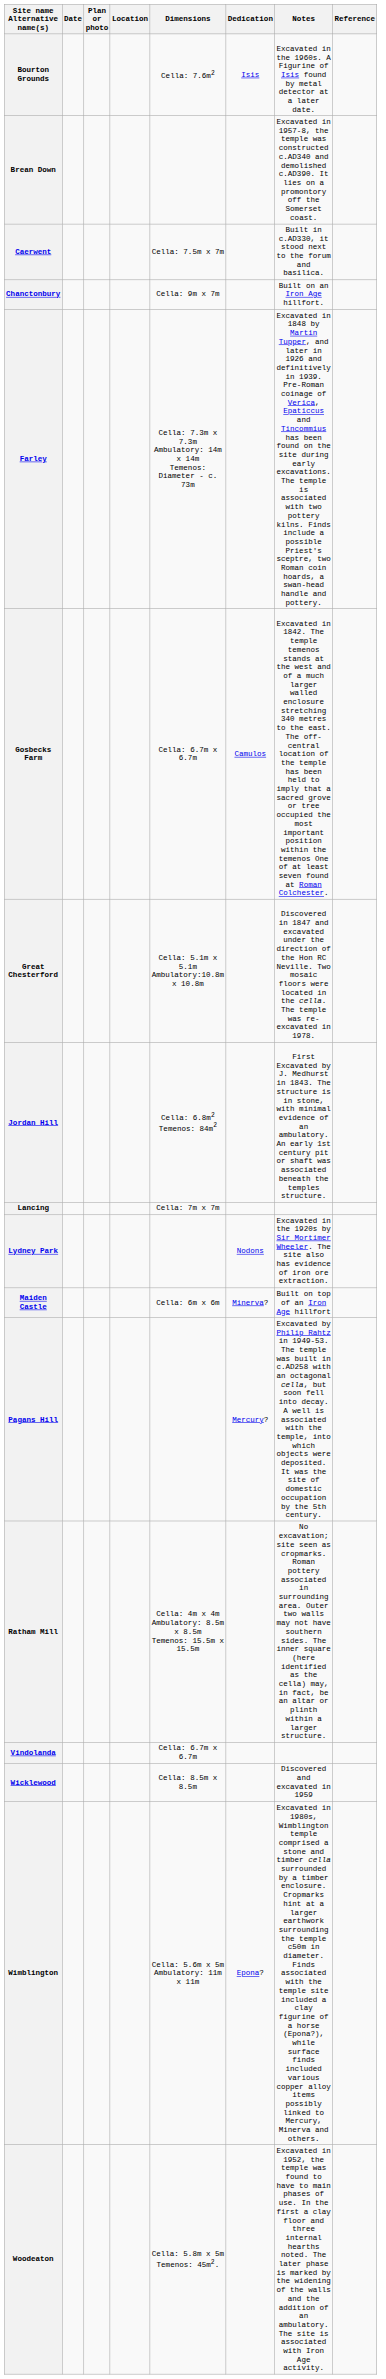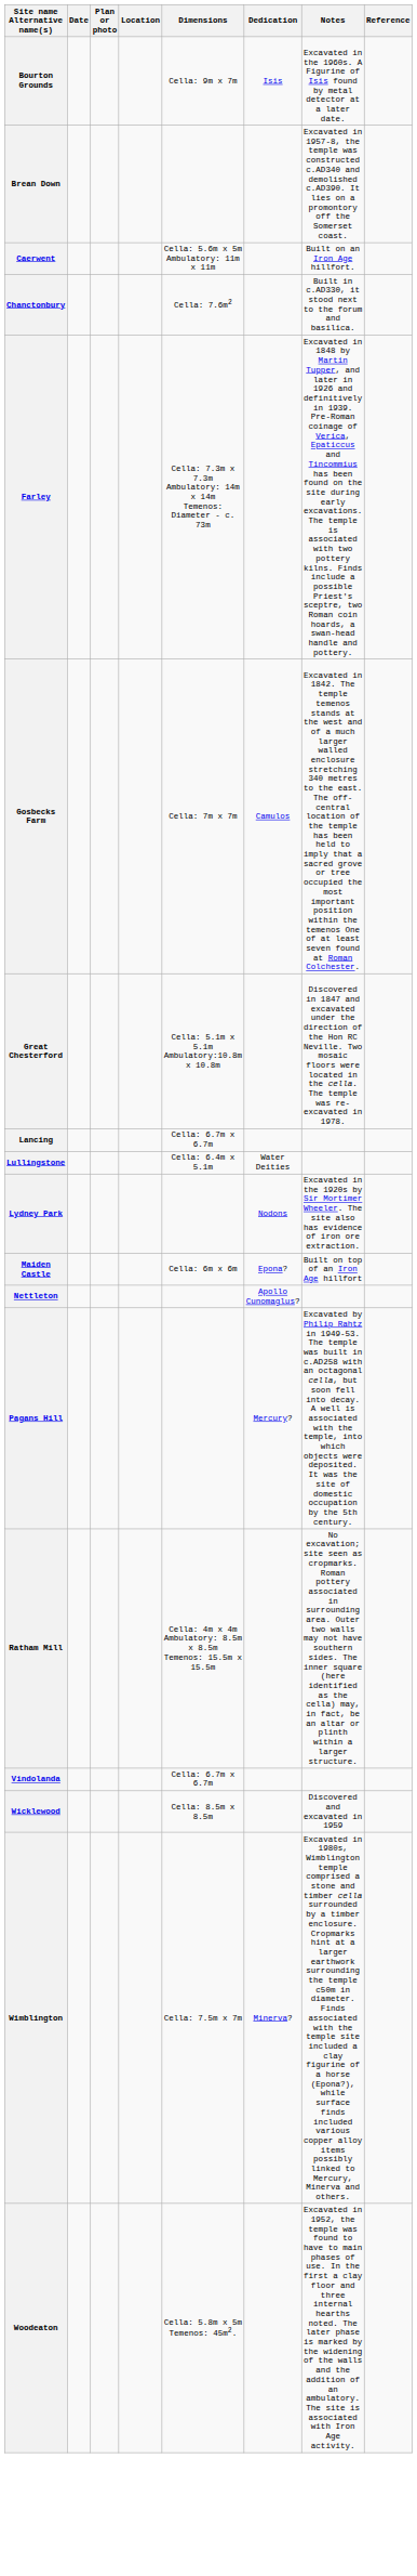 <table class="wikitable plainrowheaders sortable" style="text-align:center; width:100%;">
 <tr>
 <th scope="col" style="width:160px;">Site name<br>Alternative name(s)</th>
 <th scope="col" style="width:70px;">Date</th>
 <th scope="col" style="width:90px;" class="unsortable">Plan or photo</th>
 <th scope="col" style="width:130px;">Location</th>
 <th scope="col" style="width:130px">Dimensions</th>
 <th scope="col" style="width:120px">Dedication</th>
 <th scope="col" class="unsortable">Notes</th>
 <th scope="col" class="unsortable">Reference</th>
 </tr>
 <tr>
 <th scope="row-align=centre">Bourton Grounds</th>
 <td></td>
 <td align=center></td>
 <td></td>
-<td>Cella: 7.6m<sup>2</sup></td>
+<td>Cella: 9m x 7m</td>
 <td><a href='#'>Isis</a></td>
 <td style="text-align:centre"><br>Excavated in the 1960s. A Figurine of <a href='#'>Isis</a> found by metal detector at a later date.</td>
 <td></td>
 </tr>
 <tr>
 <th scope="row-align=centre">Brean Down</th>
 <td></td>
 <td align=center></td>
 <td></td>
 <td></td>
 <td></td>
 <td style="text-align:centre">Excavated in 1957-8, the temple was constructed c.AD340 and demolished c.AD390. It lies on a promontory off the Somerset coast.</td>
 <td></td>
 </tr>
 <tr>
 <th scope="row-align=centre"><a href='#'>Caerwent</a></th>
 <td></td>
 <td align=center></td>
 <td></td>
-<td>Cella: 7.5m x 7m</td>
+<td>Cella: 5.6m x 5m <br> Ambulatory: 11m x 11m</td>
 <td></td>
-<td style="text-align:centre">Built in c.AD330, it stood next to the forum and basilica.</td>
+<td style="text-align:centre">Built on an <a href='#'>Iron Age</a> hillfort.</td>
 <td></td>
 </tr>
 <tr>
 <th scope="row-align=centre"><a href='#'>Chanctonbury</a></th>
 <td></td>
 <td align=center></td>
 <td></td>
-<td>Cella: 9m x 7m</td>
+<td>Cella: 7.6m<sup>2</sup></td>
 <td></td>
-<td style="text-align:centre">Built on an <a href='#'>Iron Age</a> hillfort.</td>
+<td style="text-align:centre">Built in c.AD330, it stood next to the forum and basilica.</td>
 <td></td>
 </tr>
 <tr>
 <th scope="row-align=centre"><a href='#'>Farley</a></th>
 <td></td>
 <td align=center></td>
 <td></td>
 <td>Cella: 7.3m x 7.3m<br> Ambulatory: 14m x 14m<br>Temenos: Diameter - c. 73m<br></td>
 <td></td>
 <td style="text-align:centre">Excavated in 1848 by <a href='#'>Martin Tupper</a>, and later in 1926 and definitively in 1939. Pre-Roman coinage of <a href='#'>Verica</a>, <a href='#'>Epaticcus</a> and <a href='#'>Tincommius</a> has been found on the site during early excavations. The temple is associated with two pottery kilns. Finds include a possible Priest's sceptre, two Roman coin hoards, a swan-head handle and pottery.</td>
 <td></td>
 </tr>
 <tr>
 <th scope="row-align=centre">Gosbecks Farm</th>
 <td></td>
 <td align=center></td>
 <td></td>
-<td>Cella: 6.7m x 6.7m</td>
+<td>Cella: 7m x 7m</td>
 <td><a href='#'>Camulos</a></td>
 <td style="text-align:centre"><br>Excavated in 1842. The temple temenos stands at the west and of a much larger walled enclosure stretching 340 metres to the east. The off-central location of the temple has been held to imply that a sacred grove or tree occupied the most important position within the temenos One of at least seven found at <a href='#'>Roman Colchester</a>.</td>
 <td></td>
 </tr>
 <tr>
 <th scope="row-align=centre">Great Chesterford</th>
 <td></td>
 <td align=center></td>
 <td></td>
 <td>Cella: 5.1m x 5.1m<br>Ambulatory:10.8m x 10.8m<br></td>
 <td></td>
 <td style="text-align:centre"><br>Discovered in 1847 and excavated under the direction of the Hon RC Neville. Two mosaic floors were located in the <em>cella</em>. The temple was re-excavated in 1978.</td>
 <td></td>
 </tr>
 <tr>
-<th scope="row-align=centre"><a href='#'>Jordan Hill</a></th>
-<td></td>
-<td align=center></td>
-<td></td>
-<td>Cella: 6.8m<sup>2</sup> <br> Temenos: 84m<sup>2</sup><br></td>
-<td></td>
-<td style="text-align:centre"><br>First Excavated by J. Medhurst in 1843. The structure is in stone, with minimal evidence of an ambulatory. An early 1st century pit or shaft was associated beneath the temples structure.</td>
-<td></td>
-</tr>
-<tr>
 <th scope="row-align=centre">Lancing</th>
 <td></td>
 <td align=center></td>
 <td></td>
-<td>Cella: 7m x 7m</td>
+<td>Cella: 6.7m x 6.7m</td>
 <td></td>
+<td style="text-align:centre"></td>
+<td></td>
+</tr>
+<tr>
+<th scope="row-align=centre"><a href='#'>Lullingstone</a></th>
+<td></td>
+<td align=center></td>
+<td></td>
+<td>Cella: 6.4m x 5.1m</td>
+<td>Water Deities</td>
 <td style="text-align:centre"></td>
 <td></td>
 </tr>
 <tr>
 <th scope="row-align=centre"><a href='#'>Lydney Park</a></th>
 <td></td>
 <td align=center></td>
 <td></td>
 <td></td>
 <td><a href='#'>Nodons</a></td>
 <td style="text-align:centre">Excavated in the 1920s by <a href='#'>Sir Mortimer Wheeler</a>. The site also has evidence of iron ore extraction.</td>
 <td></td>
 </tr>
 <tr>
 <th scope="row-align=centre"><a href='#'>Maiden Castle</a></th>
 <td></td>
 <td align=center></td>
 <td></td>
 <td>Cella: 6m x 6m</td>
-<td><a href='#'>Minerva</a>?</td>
+<td><a href='#'>Epona</a>?</td>
 <td style="text-align:centre">Built on top of an <a href='#'>Iron Age</a> hillfort</td>
+<td></td>
+</tr>
+<tr>
+<th scope="row-align=centre"><a href='#'>Nettleton</a></th>
+<td></td>
+<td align=center></td>
+<td></td>
+<td></td>
+<td><a href='#'>Apollo Cunomaglus</a>?</td>
+<td style="text-align:centre"></td>
 <td></td>
 </tr>
 <tr>
 <th scope="row-align=centre"><a href='#'>Pagans Hill</a></th>
 <td></td>
 <td align=center></td>
 <td></td>
 <td></td>
 <td><a href='#'>Mercury</a>?</td>
 <td style="text-align:centre">Excavated by <a href='#'>Philip Rahtz</a> in 1949-53. The temple was built in c.AD258 with an octagonal <em>cella</em>, but soon fell into decay. A well is associated with the temple, into which objects were deposited. It was the site of domestic occupation by the 5th century.</td>
 <td></td>
 </tr>
 <tr>
 <th scope="row-align=centre">Ratham Mill</th>
 <td></td>
 <td align=center></td>
 <td></td>
 <td>Cella: 4m x 4m<br>Ambulatory: 8.5m x 8.5m<br>Temenos: 15.5m x 15.5m</td>
 <td></td>
 <td style="text-align:centre">No excavation; site seen as cropmarks. Roman pottery associated in surrounding area. Outer two walls may not have southern sides. The inner square (here identified as the cella) may, in fact, be an altar or plinth within a larger structure.</td>
 <td></td>
 </tr>
 <tr>
 <th scope="row-align=centre"><a href='#'>Vindolanda</a></th>
 <td></td>
 <td align=center></td>
 <td></td>
 <td>Cella: 6.7m x 6.7m</td>
 <td></td>
 <td style="text-align:centre"></td>
 <td></td>
 </tr>
 <tr>
 <th scope="row-align=centre"><a href='#'>Wicklewood</a></th>
 <td></td>
 <td align=center></td>
 <td></td>
 <td>Cella: 8.5m x 8.5m</td>
 <td></td>
 <td style="text-align:centre">Discovered and excavated in 1959</td>
 <td></td>
 </tr>
 <tr>
 <th scope="row-align=centre">Wimblington</th>
 <td></td>
 <td align=center></td>
 <td></td>
-<td>Cella: 5.6m x 5m <br> Ambulatory: 11m x 11m</td>
-<td><a href='#'>Epona</a>?</td>
+<td>Cella: 7.5m x 7m</td>
+<td><a href='#'>Minerva</a>?</td>
 <td style="text-align:centre">Excavated in 1980s, Wimblington temple comprised a stone and timber <em>cella</em> surrounded by a timber enclosure. Cropmarks hint at a larger earthwork surrounding the temple c50m in diameter. Finds associated with the temple site included a clay figurine of a horse (Epona?), while surface finds included various copper alloy items possibly linked to Mercury, Minerva and others.</td>
 <td></td>
 </tr>
 <tr>
 <th scope="row-align=centre">Woodeaton</th>
 <td></td>
 <td align=center></td>
 <td></td>
 <td>Cella: 5.8m x 5m <br> Temenos: 45m<sup>2</sup>.</td>
 <td></td>
 <td style="text-align:centre">Excavated in 1952, the temple was found to have to main phases of use. In the first a clay floor and three internal hearths noted. The later phase is marked by the widening of the walls and the addition of an ambulatory. The site is associated with Iron Age activity.</td>
 <td></td>
 </tr>
 </table>
